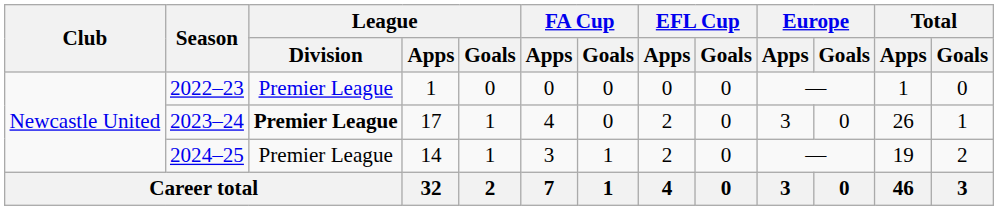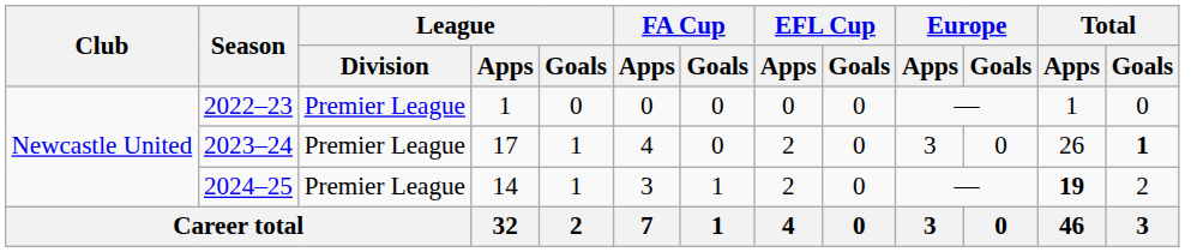 <table class=wikitable style=text-align:center>
 <tr>
 <th rowspan=2>Club</th>
 <th rowspan=2>Season</th>
 <th colspan=3>League</th>
 <th colspan=2><a href='#'>FA Cup</a></th>
 <th colspan=2><a href='#'>EFL Cup</a></th>
 <th colspan=2><a href='#'>Europe</a></th>
 <th colspan=2>Total</th>
 </tr>
 <tr>
 <th>Division</th>
 <th>Apps</th>
 <th>Goals</th>
 <th>Apps</th>
 <th>Goals</th>
 <th>Apps</th>
 <th>Goals</th>
 <th>Apps</th>
 <th>Goals</th>
 <th>Apps</th>
 <th>Goals</th>
 </tr>
 <tr>
 <td rowspan=3><a href='#'>Newcastle United</a></td>
 <td><a href='#'>2022–23</a></td>
 <td><a href='#'>Premier League</a></td>
 <td>1</td>
 <td>0</td>
 <td>0</td>
 <td>0</td>
 <td>0</td>
 <td>0</td>
 <td colspan=2>—</td>
 <td>1</td>
 <td>0</td>
 </tr>
 <tr>
 <td><a href='#'>2023–24</a></td>
-<td><strong>Premier League</strong></td>
+<td>Premier League</td>
 <td>17</td>
 <td>1</td>
 <td>4</td>
 <td>0</td>
 <td>2</td>
 <td>0</td>
 <td>3</td>
 <td>0</td>
 <td>26</td>
-<td>1</td>
+<td><strong>1</strong></td>
 </tr>
 <tr>
 <td><a href='#'>2024–25</a></td>
 <td>Premier League</td>
 <td>14</td>
 <td>1</td>
 <td>3</td>
 <td>1</td>
 <td>2</td>
 <td>0</td>
 <td colspan=2>—</td>
-<td>19</td>
+<td><strong>19</strong></td>
 <td>2</td>
 </tr>
 <tr>
 <th colspan=3>Career total</th>
 <th>32</th>
 <th>2</th>
 <th>7</th>
 <th>1</th>
 <th>4</th>
 <th>0</th>
 <th>3</th>
 <th>0</th>
 <th>46</th>
 <th>3</th>
 </tr>
 </table>
